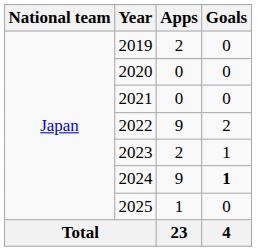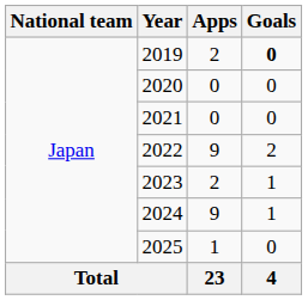 <table class="wikitable" style="text-align:center">
 <tr>
 <th>National team</th>
 <th>Year</th>
 <th>Apps</th>
 <th>Goals</th>
 </tr>
 <tr>
 <td rowspan="7"><a href='#'>Japan</a></td>
 <td>2019</td>
 <td>2</td>
-<td>0</td>
+<td><strong>0</strong></td>
 </tr>
 <tr>
 <td>2020</td>
 <td>0</td>
 <td>0</td>
 </tr>
 <tr>
 <td>2021</td>
 <td>0</td>
 <td>0</td>
 </tr>
 <tr>
 <td>2022</td>
 <td>9</td>
 <td>2</td>
 </tr>
 <tr>
 <td>2023</td>
 <td>2</td>
 <td>1</td>
 </tr>
 <tr>
 <td>2024</td>
 <td>9</td>
-<td><strong>1</strong></td>
+<td>1</td>
 </tr>
 <tr>
 <td>2025</td>
 <td>1</td>
 <td>0</td>
 </tr>
 <tr>
 <th colspan="2">Total</th>
 <th>23</th>
 <th>4</th>
 </tr>
 </table>
